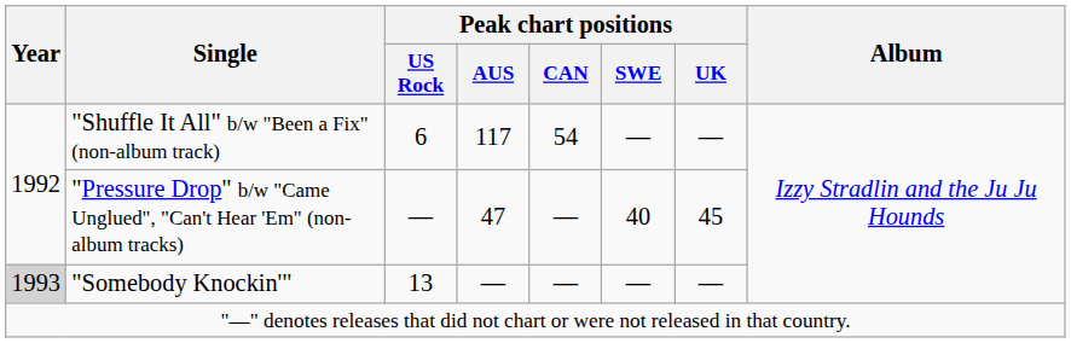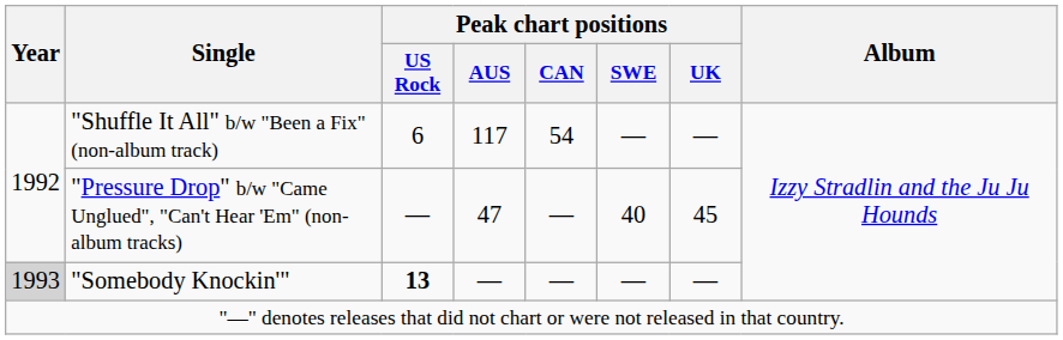 <table class="wikitable" style="text-align:center;">
 <tr>
 <th rowspan="2">Year</th>
 <th rowspan="2" width="200">Single</th>
 <th colspan="5">Peak chart positions</th>
 <th rowspan="2" width="200">Album</th>
 </tr>
 <tr>
 <th style="width:3em;font-size:85%"><a href='#'>US Rock</a><br></th>
 <th style="width:3em;font-size:85%"><a href='#'>AUS</a><br></th>
 <th style="width:3em;font-size:85%"><a href='#'>CAN</a><br></th>
 <th style="width:3em;font-size:85%"><a href='#'>SWE</a><br></th>
 <th style="width:3em;font-size:85%"><a href='#'>UK</a><br></th>
 </tr>
 <tr align="center">
 <td align="left" rowspan="2">1992</td>
 <td align="left">"Shuffle It All" <small>b/w "Been a Fix" (non-album track)</small></td>
 <td>6</td>
 <td>117</td>
 <td>54</td>
 <td>—</td>
 <td>—</td>
 <td rowspan=3><em><a href='#'>Izzy Stradlin and the Ju Ju Hounds</a></em></td>
 </tr>
 <tr align="center">
 <td align="left">"<a href='#'>Pressure Drop</a>" <small>b/w "Came Unglued", "Can't Hear 'Em" (non-album tracks)</small></td>
 <td>—</td>
 <td>47</td>
 <td>—</td>
 <td>40</td>
 <td>45</td>
 </tr>
 <tr align="center">
 <td align="left" style="background: lightgrey;">1993</td>
 <td align="left">"Somebody Knockin'"</td>
-<td>13</td>
+<td><strong>13</strong></td>
 <td>—</td>
 <td>—</td>
 <td>—</td>
 <td>—</td>
 </tr>
 <tr>
 <td colspan="8" style="font-size: 85%" align="center">"—" denotes releases that did not chart or were not released in that country.</td>
 </tr>
 </table>
